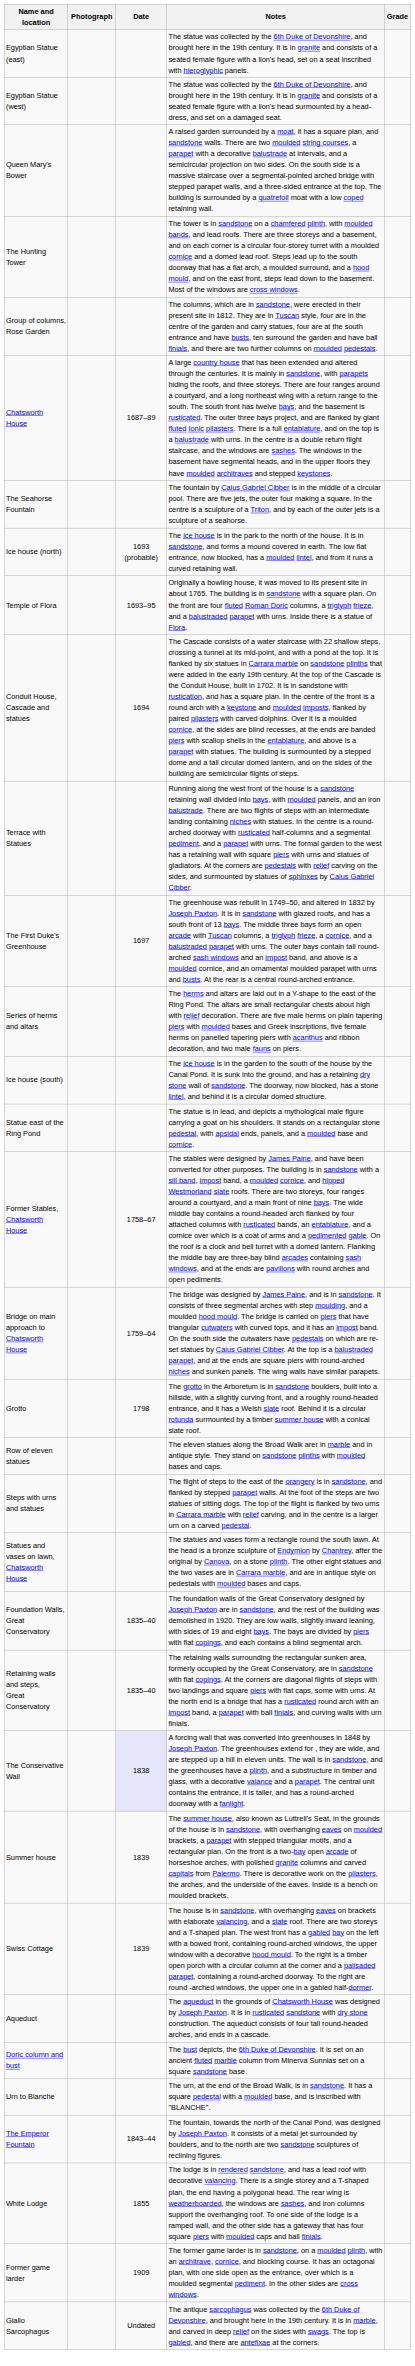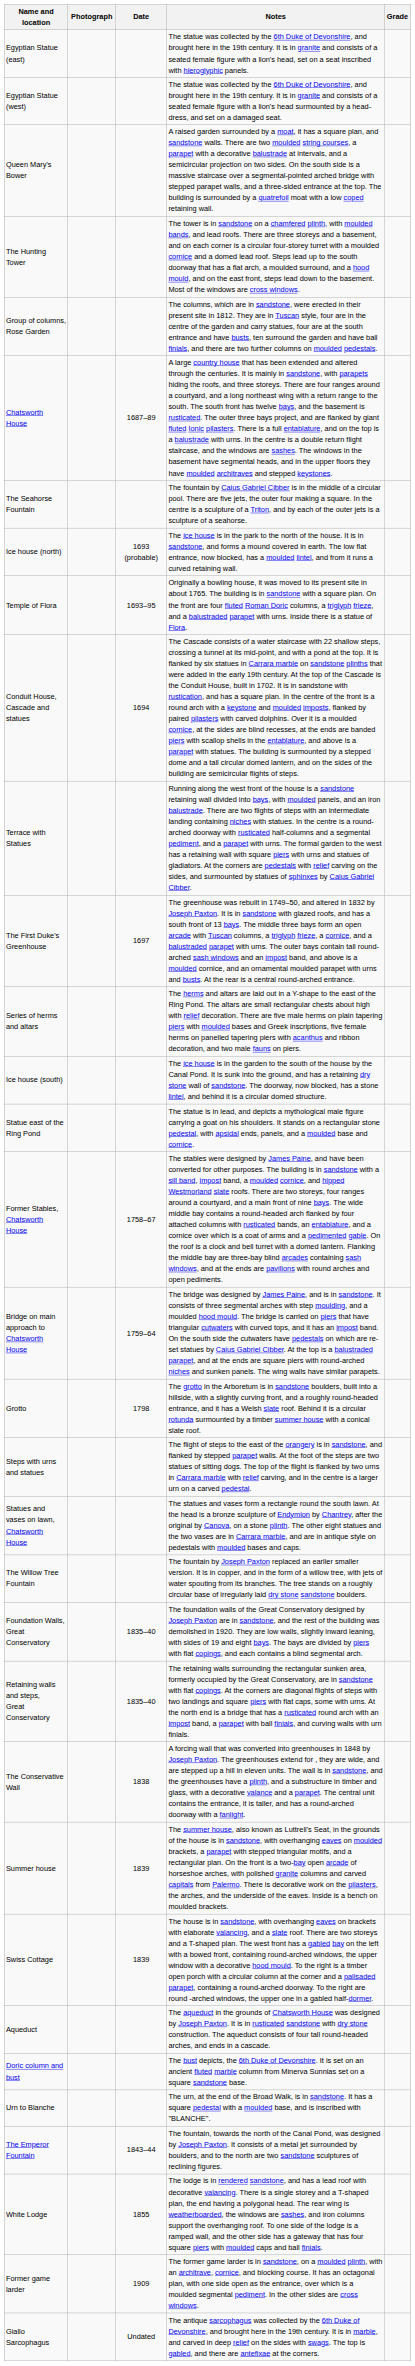 <table class="wikitable sortable plainrowheaders" style="width:100%; border:0; text-align:left; line-height:150%;">
 <tr>
 <th scope="col"  style="width:150px">Name and location</th>
 <th scope="col"  style="width:100px" class="unsortable">Photograph</th>
 <th scope="col"  style="width:120px">Date</th>
 <th scope="col"  style="width:650px" class="unsortable">Notes</th>
 <th scope="col"  style="width:50px">Grade</th>
 </tr>
 <tr>
 <td>Egyptian Statue (east)<br><small></small></td>
 <td></td>
 <td align="center"></td>
 <td>The statue was collected by the <a href='#'>6th Duke of Devonshire</a>, and brought here in the 19th century.  It is in <a href='#'>granite</a> and consists of a seated female figure with a lion's head, set on a seat inscribed with <a href='#'>hieroglyphic</a> panels.</td>
 <td align="center" ></td>
 </tr>
 <tr>
 <td>Egyptian Statue (west)<br><small></small></td>
 <td></td>
 <td align="center"></td>
 <td>The statue was collected by the <a href='#'>6th Duke of Devonshire</a>, and brought here in the 19th century.  It is in <a href='#'>granite</a> and consists of a seated female figure with a lion's head surmounted by a head-dress, and set on a damaged seat.</td>
 <td align="center" ></td>
 </tr>
 <tr>
 <td>Queen Mary's Bower<br><small></small></td>
 <td></td>
 <td align="center"></td>
 <td>A raised garden surrounded by a <a href='#'>moat</a>, it has a square plan, and <a href='#'>sandstone</a> walls.  There are two <a href='#'>moulded</a> <a href='#'>string courses</a>, a <a href='#'>parapet</a> with a decorative <a href='#'>balustrade</a> at intervals, and a semicircular projection on two sides.  On the south side is a massive staircase over a segmental-pointed arched bridge with stepped parapet walls, and a three-sided entrance at the top.  The building is surrounded by a <a href='#'>quatrefoil</a> moat with a low <a href='#'>coped</a> retaining wall.</td>
 <td align="center" ></td>
 </tr>
 <tr>
 <td>The Hunting Tower<br><small></small></td>
 <td></td>
 <td align="center"></td>
 <td>The tower is in <a href='#'>sandstone</a> on a <a href='#'>chamfered</a> <a href='#'>plinth</a>, with <a href='#'>moulded</a> <a href='#'>bands</a>, and lead roofs.  There are three storeys and a basement, and on each corner is a circular four-storey turret with a moulded <a href='#'>cornice</a> and a domed lead roof.  Steps lead up to the south doorway that has a flat arch, a moulded surround, and a <a href='#'>hood mould</a>, and on the east front, steps lead down to the basement.  Most of the windows are <a href='#'>cross windows</a>.</td>
 <td align="center" ></td>
 </tr>
 <tr>
 <td>Group of columns, Rose Garden<br><small></small></td>
 <td></td>
 <td align="center"></td>
 <td>The columns, which are in <a href='#'>sandstone</a>, were erected in their present site in 1812.  They are in <a href='#'>Tuscan</a> style, four are in the centre of the garden and carry statues, four are at the south entrance and have <a href='#'>busts</a>, ten surround the garden and have ball <a href='#'>finials</a>, and there are two further columns on <a href='#'>moulded</a> <a href='#'>pedestals</a>.</td>
 <td align="center" ></td>
 </tr>
 <tr>
 <td><a href='#'>Chatsworth House</a><br><small></small></td>
 <td></td>
 <td align="center">1687–89</td>
 <td>A large <a href='#'>country house</a> that has been extended and altered through the centuries.  It is mainly in <a href='#'>sandstone</a>, with <a href='#'>parapets</a> hiding the roofs, and three storeys.  There are four ranges around a courtyard, and a long northeast wing with a return range to the south.  The south front has twelve <a href='#'>bays</a>, and the basement is <a href='#'>rusticated</a>.  The outer three bays project, and are flanked by giant <a href='#'>fluted</a> <a href='#'>Ionic</a> <a href='#'>pilasters</a>.  There is a full <a href='#'>entablature</a>, and on the top is a <a href='#'>balustrade</a> with urns.  In the centre is a double return flight staircase, and the windows are <a href='#'>sashes</a>.  The windows in the basement have segmental heads, and in the upper floors they have <a href='#'>moulded</a> <a href='#'>architraves</a> and stepped <a href='#'>keystones</a>.</td>
 <td align="center" ></td>
 </tr>
 <tr>
 <td>The Seahorse Fountain<br><small></small></td>
 <td></td>
 <td align="center"></td>
 <td>The fountain by <a href='#'>Caius Gabriel Cibber</a> is in the middle of a circular pool.  There are five jets, the outer four making a square.  In the centre is a sculpture of a <a href='#'>Triton</a>, and by each of the outer jets is a sculpture of a seahorse.</td>
 <td align="center" ></td>
 </tr>
 <tr>
 <td>Ice house (north)<br><small></small></td>
 <td></td>
 <td align="center">1693 (probable)</td>
 <td>The <a href='#'>ice house</a> is in the park to the north of the house.  It is in <a href='#'>sandstone</a>, and forms a mound covered in earth.  The low flat entrance, now blocked, has a <a href='#'>moulded</a> <a href='#'>lintel</a>, and from it runs a curved retaining wall.</td>
 <td align="center" ></td>
 </tr>
 <tr>
 <td>Temple of Flora<br><small></small></td>
 <td></td>
 <td align="center">1693–95</td>
 <td>Originally a bowling house, it was moved to its present site in about 1765.  The building is in <a href='#'>sandstone</a> with a square plan.  On the front are four <a href='#'>fluted</a> <a href='#'>Roman Doric</a> columns, a <a href='#'>triglyph</a> <a href='#'>frieze</a>, and a <a href='#'>balustraded</a> <a href='#'>parapet</a> with urns.  Inside there is a statue of <a href='#'>Flora</a>.</td>
 <td align="center" ></td>
 </tr>
 <tr>
 <td>Conduit House, Cascade and statues<br><small></small></td>
 <td></td>
 <td align="center">1694</td>
 <td>The Cascade consists of a water staircase with 22 shallow steps, crossing a tunnel at its mid-point, and with a pond at the top.  It is flanked by six statues in <a href='#'>Carrara marble</a> on <a href='#'>sandstone</a> <a href='#'>plinths</a> that were added in the early 19th century.  At the top of the Cascade is the Conduit House, built in 1702.  It is in sandstone with <a href='#'>rustication</a>, and has a square plan.  In the centre of the front is a round arch with a <a href='#'>keystone</a> and <a href='#'>moulded</a> <a href='#'>imposts</a>, flanked by paired <a href='#'>pilasters</a> with carved dolphins. Over it is a moulded <a href='#'>cornice</a>, at the sides are blind recesses, at the ends are banded <a href='#'>piers</a> with scallop shells in the <a href='#'>entablature</a>, and above is a <a href='#'>parapet</a> with statues.  The building is surmounted by a stepped dome and a tall circular domed lantern, and on the sides of the building are semicircular flights of steps.</td>
 <td align="center" ></td>
 </tr>
 <tr>
 <td>Terrace with Statues<br><small></small></td>
 <td></td>
 <td align="center"></td>
 <td>Running along the west front of the house is a <a href='#'>sandstone</a> retaining wall divided into <a href='#'>bays</a>, with <a href='#'>moulded</a> panels, and an iron <a href='#'>balustrade</a>.  There are two flights of steps with an intermediate landing containing <a href='#'>niches</a> with statues.  In the centre is a round-arched doorway with <a href='#'>rusticated</a> half-columns and a segmental <a href='#'>pediment</a>, and a <a href='#'>parapet</a> with urns.  The formal garden to the west has a retaining wall with square <a href='#'>piers</a> with urns and statues of gladiators.  At the corners are <a href='#'>pedestals</a> with <a href='#'>relief</a> carving on the sides, and surmounted by statues of <a href='#'>sphinxes</a> by <a href='#'>Caius Gabriel Cibber</a>.</td>
 <td align="center" ></td>
 </tr>
 <tr>
 <td>The First Duke's Greenhouse<br><small></small></td>
 <td></td>
 <td align="center">1697</td>
 <td>The greenhouse was rebuilt in 1749–50, and altered in 1832 by <a href='#'>Joseph Paxton</a>.  It is in <a href='#'>sandstone</a> with glazed roofs, and has a south front of 13 <a href='#'>bays</a>.  The middle three bays form an open <a href='#'>arcade</a> with <a href='#'>Tuscan</a> columns, a <a href='#'>triglyph</a> <a href='#'>frieze</a>, a <a href='#'>cornice</a>, and a <a href='#'>balustraded</a> <a href='#'>parapet</a> with urns.  The outer bays contain tall round-arched <a href='#'>sash windows</a> and an <a href='#'>impost</a> band, and above is a <a href='#'>moulded</a> cornice, and an ornamental moulded parapet with urns and <a href='#'>busts</a>.  At the rear is a central round-arched entrance.</td>
 <td align="center" ></td>
 </tr>
 <tr>
 <td>Series of herms and altars<br><small></small></td>
 <td></td>
 <td align="center"></td>
 <td>The <a href='#'>herms</a> and altars are laid out in a Y-shape to the east of the Ring Pond.  The altars are small rectangular chests about  high with <a href='#'>relief</a> decoration.  There are five male herms on plain tapering <a href='#'>piers</a> with <a href='#'>moulded</a> bases and Greek inscriptions, five female herms on panelled tapering piers with <a href='#'>acanthus</a> and ribbon decoration, and two male <a href='#'>fauns</a> on piers.</td>
 <td align="center" ></td>
 </tr>
 <tr>
 <td>Ice house (south)<br><small></small></td>
 <td></td>
 <td align="center"></td>
 <td>The <a href='#'>ice house</a> is in the garden to the south of the house by the Canal Pond.  It is sunk into the ground, and has a retaining <a href='#'>dry stone</a> wall of <a href='#'>sandstone</a>.  The doorway, now blocked, has a stone <a href='#'>lintel</a>, and behind it is a circular domed structure.</td>
 <td align="center" ></td>
 </tr>
 <tr>
 <td>Statue east of the Ring Pond<br><small></small></td>
 <td></td>
 <td align="center"></td>
 <td>The statue is in lead, and depicts a mythological male figure carrying a goat on his shoulders.  It stands on a rectangular stone <a href='#'>pedestal</a>, with <a href='#'>apsidal</a> ends, panels, and a <a href='#'>moulded</a> base and <a href='#'>cornice</a>.</td>
 <td align="center" ></td>
 </tr>
 <tr>
 <td>Former Stables,<br><a href='#'>Chatsworth House</a><br><small></small></td>
 <td></td>
 <td align="center">1758–67</td>
 <td>The stables were designed by <a href='#'>James Paine</a>, and have been converted for other purposes.  The building is in <a href='#'>sandstone</a> with a <a href='#'>sill band</a>, <a href='#'>impost</a> band, a <a href='#'>moulded</a> <a href='#'>cornice</a>, and <a href='#'>hipped</a> <a href='#'>Westmorland</a> <a href='#'>slate</a> roofs.  There are two storeys, four ranges around a courtyard, and a main front of nine <a href='#'>bays</a>.  The wide middle bay contains a round-headed arch flanked by four attached columns with <a href='#'>rusticated</a> bands, an <a href='#'>entablature</a>, and a cornice over which is a coat of arms and a <a href='#'>pedimented</a> <a href='#'>gable</a>.  On the roof is a clock and bell turret with a domed lantern.  Flanking the middle bay are three-bay blind <a href='#'>arcades</a> containing <a href='#'>sash windows</a>, and at the ends are <a href='#'>pavilions</a> with round arches and open pediments.</td>
 <td align="center" ></td>
 </tr>
 <tr>
 <td>Bridge on main approach to <a href='#'>Chatsworth House</a><br><small></small></td>
 <td></td>
 <td align="center">1759–64</td>
 <td>The bridge was designed by <a href='#'>James Paine</a>, and is in <a href='#'>sandstone</a>.  It consists of three segmental arches with step <a href='#'>moulding</a>, and a moulded <a href='#'>hood mould</a>.  The bridge is carried on <a href='#'>piers</a> that have triangular <a href='#'>cutwaters</a> with curved tops, and it has an <a href='#'>impost</a> band.  On the south side the cutwaters have <a href='#'>pedestals</a> on which are re-set statues by <a href='#'>Caius Gabriel Cibber</a>.  At the top is a <a href='#'>balustraded</a> <a href='#'>parapet</a>, and at the ends are square piers with round-arched <a href='#'>niches</a> and sunken panels.  The wing walls have similar parapets.</td>
 <td align="center" ></td>
 </tr>
 <tr>
 <td>Grotto<br><small></small></td>
 <td></td>
 <td align="center">1798</td>
 <td>The <a href='#'>grotto</a> in the Arboretum is in <a href='#'>sandstone</a> boulders, built into a hillside, with a slightly curving front, and a roughly round-headed entrance, and it has a Welsh <a href='#'>slate</a> roof.  Behind it is a circular <a href='#'>rotunda</a> surmounted by a timber <a href='#'>summer house</a> with a conical slate roof.</td>
 <td align="center" ></td>
 </tr>
 <tr>
-<td>Row of eleven statues<br><small></small></td>
-<td></td>
-<td align="center"></td>
-<td>The eleven statues along the Broad Walk arer in <a href='#'>marble</a> and in antique style.  They stand on <a href='#'>sandstone</a> <a href='#'>plinths</a> with <a href='#'>moulded</a> bases and caps.</td>
-<td align="center" ></td>
-</tr>
-<tr>
 <td>Steps with urns and statues<br><small></small></td>
 <td></td>
 <td align="center"></td>
 <td>The flight of steps to the east of the <a href='#'>orangery</a> is in <a href='#'>sandstone</a>, and flanked by stepped <a href='#'>parapet</a> walls.  At the foot of the steps are two statues of sitting dogs.  The top of the flight is flanked by two urns in <a href='#'>Carrara marble</a> with <a href='#'>relief</a> carving, and in the centre is a larger urn on a carved <a href='#'>pedestal</a>.</td>
 <td align="center" ></td>
 </tr>
 <tr>
 <td>Statues and vases on lawn,<br><a href='#'>Chatsworth House</a><br><small></small></td>
 <td></td>
 <td align="center"></td>
 <td>The statues and vases form a rectangle round the south lawn.  At the head is a bronze sculpture of <a href='#'>Endymion</a> by <a href='#'>Chantrey</a>, after the original by <a href='#'>Canova</a>, on a stone <a href='#'>plinth</a>.  The other eight statues and the two vases are in <a href='#'>Carrara marble</a>, and are in antique style on pedestals with <a href='#'>moulded</a> bases and caps.</td>
+<td align="center" ></td>
+</tr>
+<tr>
+<td>The Willow Tree Fountain<br><small></small></td>
+<td></td>
+<td align="center"></td>
+<td>The fountain by <a href='#'>Joseph Paxton</a> replaced an earlier smaller version.  It is in copper, and in the form of a willow tree, with jets of water spouting from its branches.  The tree stands on a roughly circular base of irregularly laid <a href='#'>dry stone</a> <a href='#'>sandstone</a> boulders.</td>
 <td align="center" ></td>
 </tr>
 <tr>
 <td>Foundation Walls,<br>Great Conservatory<br><small></small></td>
 <td></td>
 <td align="center">1835–40</td>
 <td>The foundation walls of the Great Conservatory designed by <a href='#'>Joseph Paxton</a> are in <a href='#'>sandstone</a>, and the rest of the building was demolished in 1920.  They are low walls, slightly inward leaning, with sides of 19 and eight <a href='#'>bays</a>.  The bays are divided by <a href='#'>piers</a> with flat <a href='#'>copings</a>, and each contains a blind segmental arch.</td>
 <td align="center" ></td>
 </tr>
 <tr>
 <td>Retaining walls and steps,<br>Great Conservatory<br><small></small></td>
 <td></td>
 <td align="center">1835–40</td>
 <td>The retaining walls surrounding the rectangular sunken area, formerly occupied by the Great Conservatory, are in <a href='#'>sandstone</a> with flat <a href='#'>copings</a>.  At the corners are diagonal flights of steps with two landings and square <a href='#'>piers</a> with flat caps, some with urns.  At the north end is a bridge that has a <a href='#'>rusticated</a> round arch with an <a href='#'>impost</a> band, a <a href='#'>parapet</a> with ball <a href='#'>finials</a>, and curving walls with urn finials.</td>
 <td align="center" ></td>
 </tr>
 <tr>
 <td>The Conservative Wall<br><small></small></td>
 <td></td>
-<td align="center" style="background: lavender;">1838</td>
+<td align="center">1838</td>
 <td>A forcing wall that was converted into greenhouses in 1848 by <a href='#'>Joseph Paxton</a>.  The greenhouses extend for , they are  wide, and are stepped up a hill in eleven units.  The wall is in <a href='#'>sandstone</a>, and the greenhouses have a <a href='#'>plinth</a>, and a substructure in timber and glass, with a decorative <a href='#'>valance</a> and a <a href='#'>parapet</a>.  The central unit contains the entrance, it is taller, and has a round-arched doorway with a <a href='#'>fanlight</a>.</td>
 <td align="center" ></td>
 </tr>
 <tr>
 <td>Summer house<br><small></small></td>
 <td></td>
 <td align="center">1839</td>
 <td>The <a href='#'>summer house</a>, also known as Luttrell's Seat, in the grounds of the house is in <a href='#'>sandstone</a>, with overhanging <a href='#'>eaves</a> on <a href='#'>moulded</a> brackets, a <a href='#'>parapet</a> with stepped triangular motifs, and a rectangular plan.  On the front is a two-<a href='#'>bay</a> open <a href='#'>arcade</a> of horseshoe arches, with polished <a href='#'>granite</a> columns and carved <a href='#'>capitals</a> from <a href='#'>Palermo</a>.  There is decorative work on the <a href='#'>pilasters</a>, the arches, and the underside of the eaves.  Inside is a bench on moulded brackets.</td>
 <td align="center" ></td>
 </tr>
 <tr>
 <td>Swiss Cottage<br><small></small></td>
 <td></td>
 <td align="center">1839</td>
 <td>The house is in <a href='#'>sandstone</a>, with overhanging <a href='#'>eaves</a> on brackets with elaborate <a href='#'>valancing</a>, and a <a href='#'>slate</a> roof.  There are two storeys and a T-shaped plan.  The west front has a <a href='#'>gabled</a> <a href='#'>bay</a> on the left with a bowed front, containing round-arched windows, the upper window with a decorative <a href='#'>hood mould</a>.  To the right is a timber open porch with a circular column at the corner and a <a href='#'>palisaded</a> <a href='#'>parapet</a>, containing a round-arched doorway. To the right are round -arched windows, the upper one in a gabled half-<a href='#'>dormer</a>.</td>
 <td align="center" ></td>
 </tr>
 <tr>
 <td>Aqueduct<br><small></small></td>
 <td></td>
 <td align="center"></td>
 <td>The <a href='#'>aqueduct</a> in the grounds of <a href='#'>Chatsworth House</a> was designed by <a href='#'>Joseph Paxton</a>.  It is in <a href='#'>rusticated</a> <a href='#'>sandstone</a> with <a href='#'>dry stone</a> construction.  The aqueduct consists of four tall round-headed arches, and ends in a cascade.</td>
 <td align="center" ></td>
 </tr>
 <tr>
 <td><a href='#'>Doric column and bust</a><br><small></small></td>
 <td></td>
 <td align="center"></td>
 <td>The <a href='#'>bust</a> depicts, the <a href='#'>6th Duke of Devonshire</a>.  It is set on an ancient <a href='#'>fluted</a> <a href='#'>marble</a> column from Minerva Sunnias set on a square <a href='#'>sandstone</a> base.</td>
 <td align="center" ></td>
 </tr>
 <tr>
 <td>Urn to Blanche<br><small></small></td>
 <td></td>
 <td align="center"></td>
 <td>The urn, at the end of the Broad Walk, is in <a href='#'>sandstone</a>.  It has a square <a href='#'>pedestal</a> with a <a href='#'>moulded</a> base, and is inscribed with "BLANCHE".</td>
 <td align="center" ></td>
 </tr>
 <tr>
 <td><a href='#'>The Emperor Fountain</a><br><small></small></td>
 <td></td>
 <td align="center">1843–44</td>
 <td>The fountain, towards the north of the Canal Pond, was designed by <a href='#'>Joseph Paxton</a>.  It consists of a metal jet surrounded by boulders, and to the north are two <a href='#'>sandstone</a> sculptures of reclining figures.</td>
 <td align="center" ></td>
 </tr>
 <tr>
 <td>White Lodge<br><small></small></td>
 <td></td>
 <td align="center">1855</td>
 <td>The lodge is in <a href='#'>rendered</a> <a href='#'>sandstone</a>, and has a lead roof with decorative <a href='#'>valancing</a>.  There is a single storey and a T-shaped plan, the end having a polygonal head.  The rear wing is <a href='#'>weatherboarded</a>, the windows are <a href='#'>sashes</a>, and iron columns support the overhanging roof.  To one side of the lodge is a ramped wall, and the other side has a gateway that has four square <a href='#'>piers</a> with <a href='#'>moulded</a> caps and ball <a href='#'>finials</a>.</td>
 <td align="center" ></td>
 </tr>
 <tr>
 <td>Former game larder<br><small></small></td>
 <td></td>
 <td align="center">1909</td>
 <td>The former game larder is in <a href='#'>sandstone</a>, on a <a href='#'>moulded</a> <a href='#'>plinth</a>, with an <a href='#'>architrave</a>, <a href='#'>cornice</a>, and blocking course.  It has an octagonal plan, with one side open as the entrance, over which is a moulded segmental <a href='#'>pediment</a>.  In the other sides are <a href='#'>cross windows</a>.</td>
 <td align="center" ></td>
 </tr>
 <tr>
 <td>Giallo Sarcophagus<br><small></small></td>
 <td></td>
 <td align="center">Undated</td>
 <td>The antique <a href='#'>sarcophagus</a> was collected by the <a href='#'>6th Duke of Devonshire</a>, and brought here in the 19th century. It is in <a href='#'>marble</a>, and carved in deep <a href='#'>relief</a> on the sides with <a href='#'>swags</a>.  The top is <a href='#'>gabled</a>, and there are <a href='#'>antefixae</a> at the corners.</td>
 <td align="center" ></td>
 </tr>
 <tr>
 </tr>
 </table>
